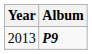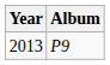 <table class="wikitable">
 <tr>
 <th>Year</th>
 <th>Album</th>
 </tr>
 <tr>
 <td>2013</td>
-<td><strong><em>P9</em></strong></td>
+<td><em>P9</em></td>
 </tr>
 </table>
